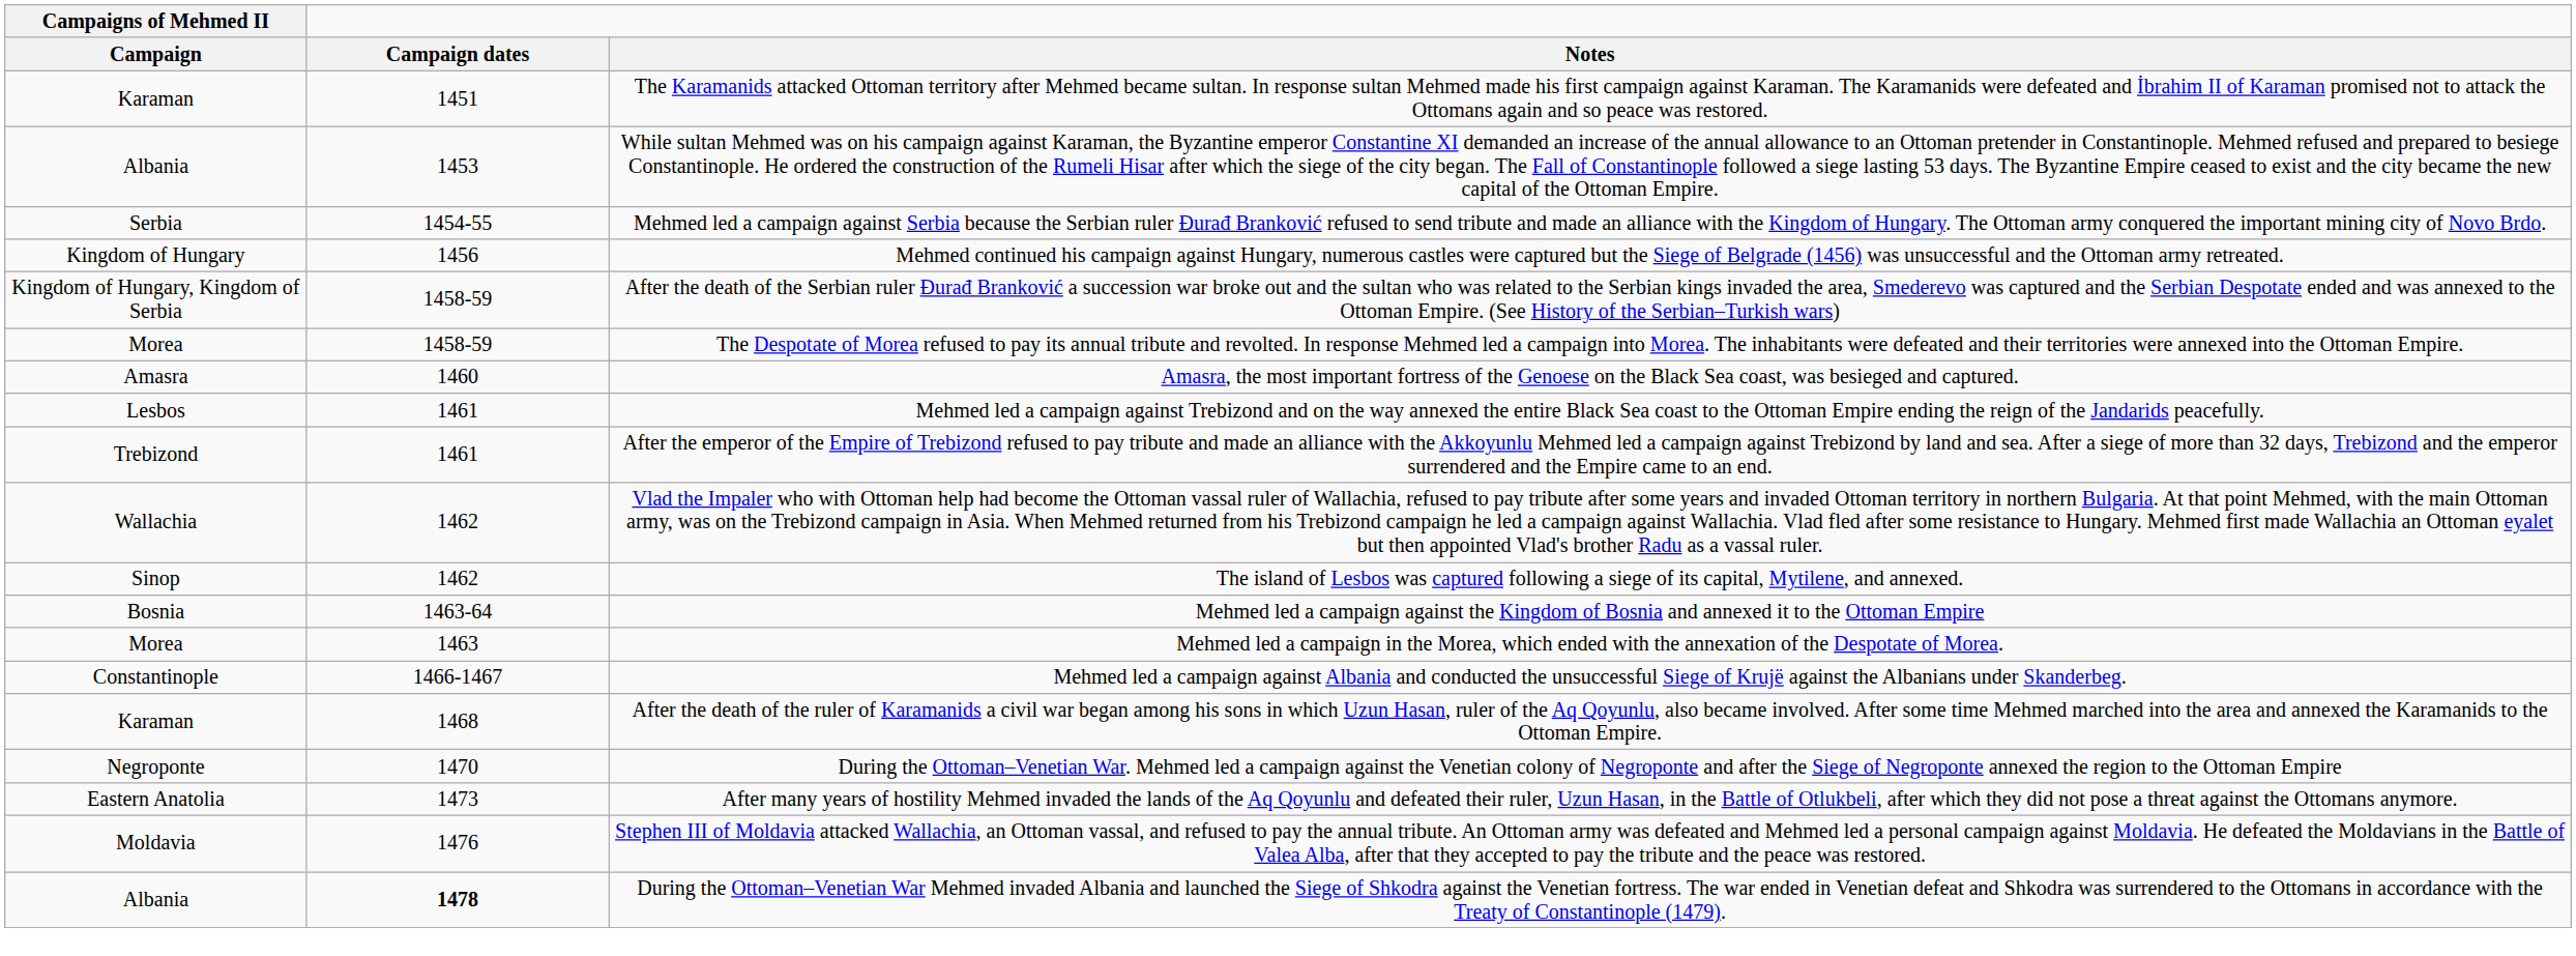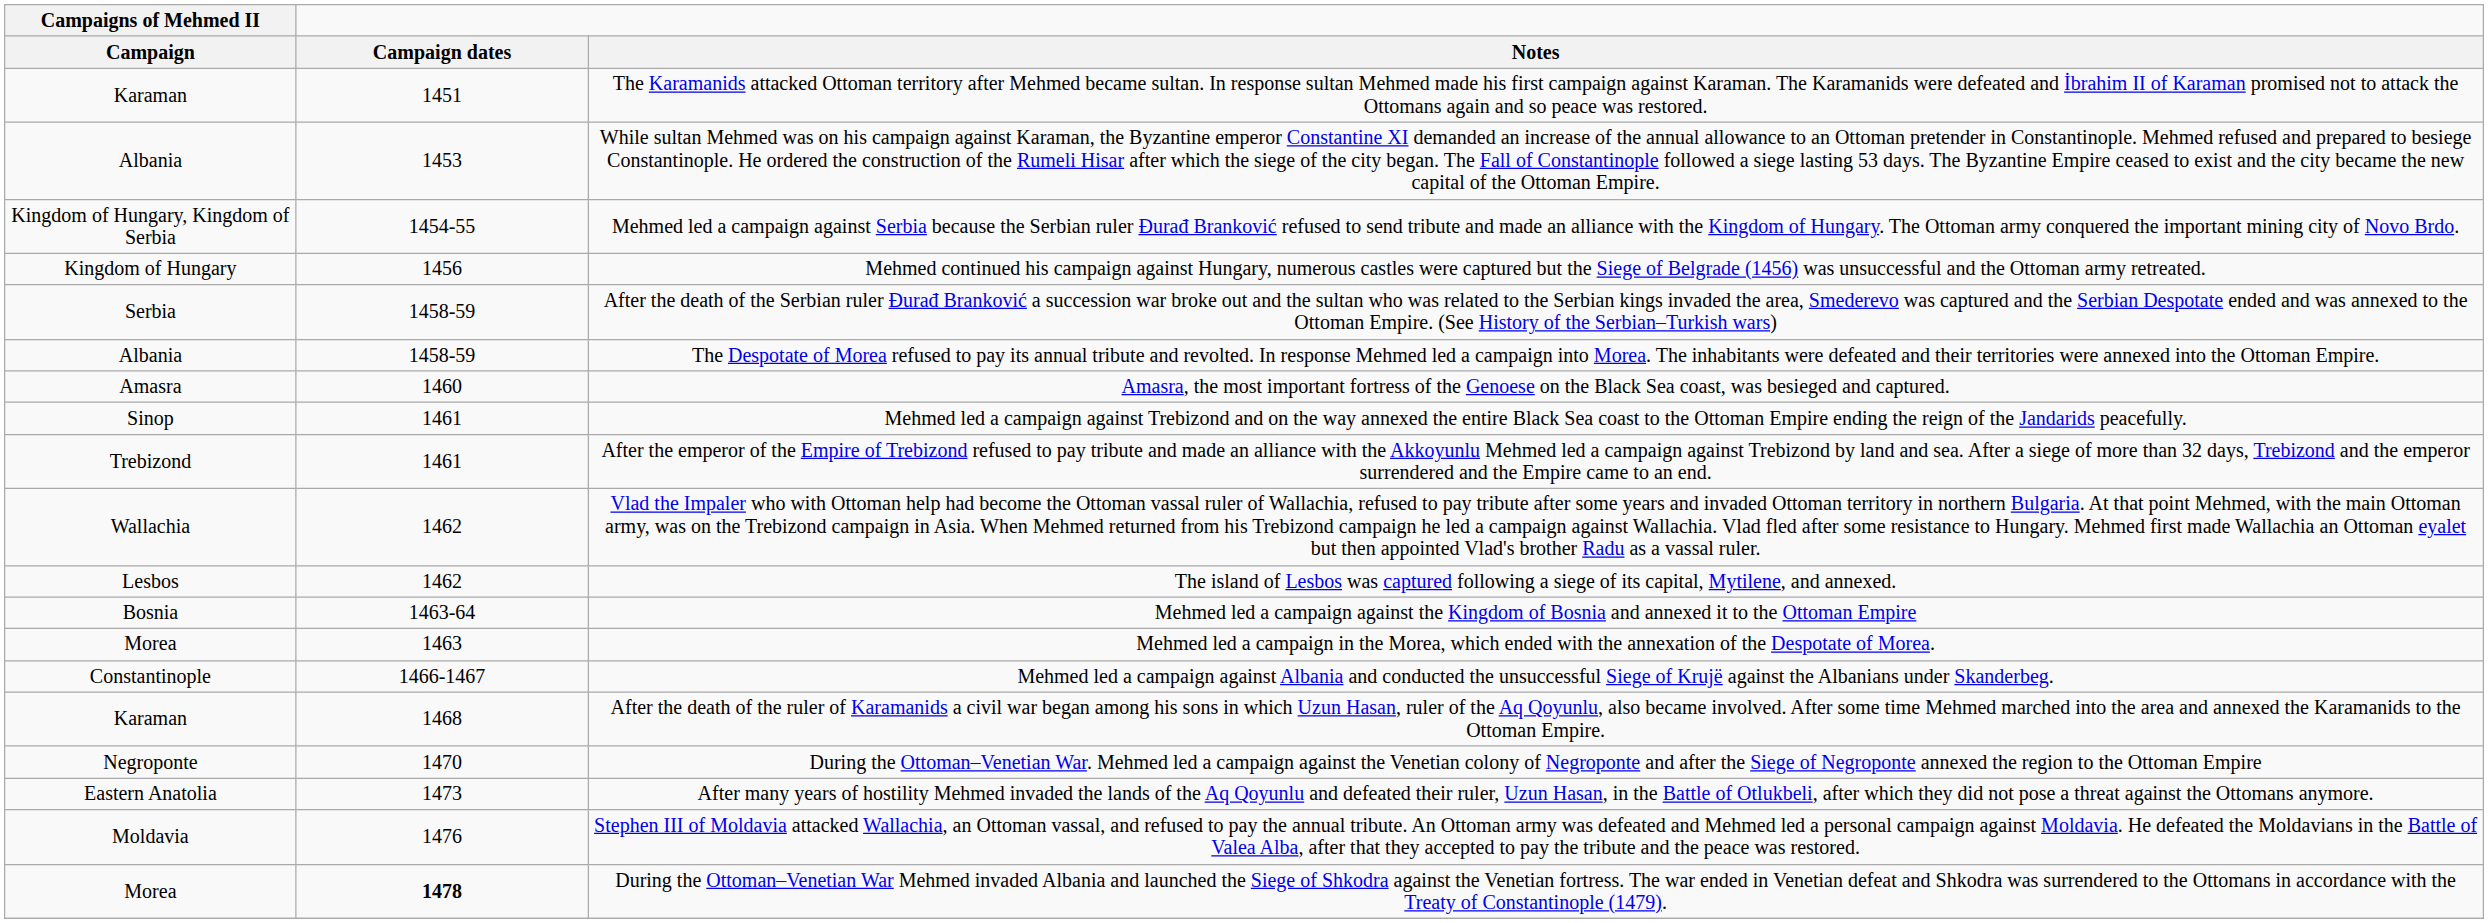 <table class="wikitable mw-collapsible mw-collapsed" border="1" style="width:100%; text-align:center; float:left">
 <tr>
 <th>Campaigns of Mehmed II</th>
 </tr>
 <tr>
 <th width="10%">Campaign</th>
 <th width="10%">Campaign dates</th>
 <th class="unsortable" width="65%">Notes</th>
 </tr>
 <tr>
 <td>Karaman</td>
 <td>1451</td>
 <td>The <a href='#'>Karamanids</a> attacked Ottoman territory after Mehmed became sultan. In response sultan Mehmed made his first campaign against Karaman. The Karamanids were defeated and <a href='#'>İbrahim II of Karaman</a> promised not to attack the Ottomans again and so peace was restored.</td>
 </tr>
 <tr>
 <td>Albania</td>
 <td>1453</td>
 <td>While sultan Mehmed was on his campaign against Karaman, the Byzantine emperor <a href='#'>Constantine XI</a> demanded an increase of the annual allowance to an Ottoman pretender in Constantinople. Mehmed refused and prepared to besiege Constantinople. He ordered the construction of the <a href='#'>Rumeli Hisar</a> after which the siege of the city began. The <a href='#'>Fall of Constantinople</a> followed a siege lasting 53 days. The Byzantine Empire ceased to exist and the city became the new capital of the Ottoman Empire.</td>
 </tr>
 <tr>
-<td>Serbia</td>
+<td>Kingdom of Hungary, Kingdom of Serbia</td>
 <td>1454-55</td>
 <td>Mehmed led a campaign against <a href='#'>Serbia</a> because the Serbian ruler <a href='#'>Đurađ Branković</a> refused to send tribute and made an alliance with the <a href='#'>Kingdom of Hungary</a>. The Ottoman army conquered the important mining city of <a href='#'>Novo Brdo</a>.</td>
 </tr>
 <tr>
 <td>Kingdom of Hungary</td>
 <td>1456</td>
 <td>Mehmed continued his campaign against Hungary, numerous castles were captured but the <a href='#'>Siege of Belgrade (1456)</a> was unsuccessful and the Ottoman army retreated.</td>
 </tr>
 <tr>
-<td>Kingdom of Hungary, Kingdom of Serbia</td>
+<td>Serbia</td>
 <td>1458-59</td>
 <td>After the death of the Serbian ruler <a href='#'>Đurađ Branković</a> a succession war broke out and the sultan who was related to the Serbian kings invaded the area, <a href='#'>Smederevo</a> was captured and the <a href='#'>Serbian Despotate</a> ended and was annexed to the Ottoman Empire. (See <a href='#'>History of the Serbian–Turkish wars</a>)</td>
 </tr>
 <tr>
-<td>Morea</td>
+<td>Albania</td>
 <td>1458-59</td>
 <td>The <a href='#'>Despotate of Morea</a> refused to pay its annual tribute and revolted. In response Mehmed led a campaign into <a href='#'>Morea</a>. The inhabitants were defeated and their territories were annexed into the Ottoman Empire.</td>
 </tr>
 <tr>
 <td>Amasra</td>
 <td>1460</td>
 <td><a href='#'>Amasra</a>, the most important fortress of the <a href='#'>Genoese</a> on the Black Sea coast, was besieged and captured.</td>
 </tr>
 <tr>
-<td>Lesbos</td>
+<td>Sinop</td>
 <td>1461</td>
 <td>Mehmed led a campaign against Trebizond and on the way annexed the entire Black Sea coast to the Ottoman Empire ending the reign of the <a href='#'>Jandarids</a> peacefully.</td>
 </tr>
 <tr>
 <td>Trebizond</td>
 <td>1461</td>
 <td>After the emperor of the <a href='#'>Empire of Trebizond</a> refused to pay tribute and made an alliance with the <a href='#'>Akkoyunlu</a> Mehmed led a campaign against Trebizond by land and sea. After a siege of more than 32 days, <a href='#'>Trebizond</a> and the emperor surrendered and the Empire came to an end.</td>
 </tr>
 <tr>
 <td>Wallachia</td>
 <td>1462</td>
 <td><a href='#'>Vlad the Impaler</a> who with Ottoman help had become the Ottoman vassal ruler of Wallachia, refused to pay tribute after some years and invaded Ottoman territory in northern <a href='#'>Bulgaria</a>. At that point Mehmed, with the main Ottoman army, was on the Trebizond campaign in Asia. When Mehmed returned from his Trebizond campaign he led a campaign against Wallachia. Vlad fled after some resistance to Hungary. Mehmed first made Wallachia an Ottoman <a href='#'>eyalet</a> but then appointed Vlad's brother <a href='#'>Radu</a> as a vassal ruler.</td>
 </tr>
 <tr>
-<td>Sinop</td>
+<td>Lesbos</td>
 <td>1462</td>
 <td>The island of <a href='#'>Lesbos</a> was <a href='#'>captured</a> following a siege of its capital, <a href='#'>Mytilene</a>, and annexed.</td>
 </tr>
 <tr>
 <td>Bosnia</td>
 <td>1463-64</td>
 <td>Mehmed led a campaign against the <a href='#'>Kingdom of Bosnia</a> and annexed it to the <a href='#'>Ottoman Empire</a></td>
 </tr>
 <tr>
 <td>Morea</td>
 <td>1463</td>
 <td>Mehmed led a campaign in the Morea, which ended with the annexation of the <a href='#'>Despotate of Morea</a>.</td>
 </tr>
 <tr>
 <td>Constantinople</td>
 <td>1466-1467</td>
 <td>Mehmed led a campaign against <a href='#'>Albania</a> and conducted the unsuccessful <a href='#'>Siege of Krujë</a> against the Albanians under <a href='#'>Skanderbeg</a>.</td>
 </tr>
 <tr>
 <td>Karaman</td>
 <td>1468</td>
 <td>After the death of the ruler of <a href='#'>Karamanids</a> a civil war began among his sons in which <a href='#'>Uzun Hasan</a>, ruler of the <a href='#'>Aq Qoyunlu</a>, also became involved. After some time Mehmed marched into the area and annexed the Karamanids to the Ottoman Empire.</td>
 </tr>
 <tr>
 <td>Negroponte</td>
 <td>1470</td>
 <td>During the <a href='#'>Ottoman–Venetian War</a>. Mehmed led a campaign against the Venetian colony of <a href='#'>Negroponte</a> and after the <a href='#'>Siege of Negroponte</a> annexed the region to the Ottoman Empire</td>
 </tr>
 <tr>
 <td>Eastern Anatolia</td>
 <td>1473</td>
 <td>After many years of hostility Mehmed invaded the lands of the <a href='#'>Aq Qoyunlu</a> and defeated their ruler, <a href='#'>Uzun Hasan</a>, in the <a href='#'>Battle of Otlukbeli</a>, after which they did not pose a threat against the Ottomans anymore.</td>
 </tr>
 <tr>
 <td>Moldavia</td>
 <td>1476</td>
 <td><a href='#'>Stephen III of Moldavia</a> attacked <a href='#'>Wallachia</a>, an Ottoman vassal, and refused to pay the annual tribute. An Ottoman army was defeated and Mehmed led a personal campaign against <a href='#'>Moldavia</a>. He defeated the Moldavians in the <a href='#'>Battle of Valea Alba</a>, after that they accepted to pay the tribute and the peace was restored.</td>
 </tr>
 <tr>
-<td>Albania</td>
+<td>Morea</td>
 <td><strong>1478</strong></td>
 <td>During the <a href='#'>Ottoman–Venetian War</a> Mehmed invaded Albania and launched the <a href='#'>Siege of Shkodra</a> against the Venetian fortress. The war ended in Venetian defeat and Shkodra was surrendered to the Ottomans in accordance with the <a href='#'>Treaty of Constantinople (1479)</a>.</td>
 </tr>
 <tr>
 </tr>
 </table>
